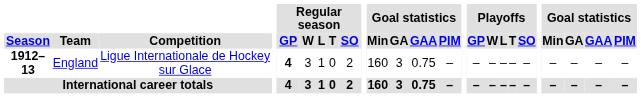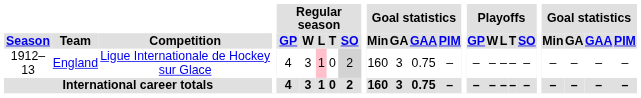 <table BORDER="0" CELLPADDING="1" CELLSPACING="0" width="65%" style="text-align:center">
 <tr bgcolor="#e0e0e0">
 <th colspan="3" bgcolor="#ffffff"> </th>
 <th rowspan="99" bgcolor="#ffffff"> </th>
 <th colspan="5">Regular season</th>
 <th rowspan="99" bgcolor="#ffffff"> </th>
 <th colspan="4">Goal statistics</th>
 <th rowspan="99" bgcolor="#ffffff"> </th>
 <th colspan="5">Playoffs</th>
 <th rowspan="99" bgcolor="#ffffff"> </th>
 <th colspan="4">Goal statistics</th>
 </tr>
 <tr bgcolor="#e0e0e0">
 <th><a href='#'>Season</a></th>
 <th>Team</th>
 <th>Competition</th>
 <th><a href='#'>GP</a></th>
 <th>W</th>
 <th>L</th>
 <th>T</th>
 <th><a href='#'>SO</a></th>
 <th>Min</th>
 <th>GA</th>
 <th><a href='#'>GAA</a></th>
 <th><a href='#'>PIM</a></th>
 <th><a href='#'>GP</a></th>
 <th>W</th>
 <th>L</th>
 <th>T</th>
 <th><a href='#'>SO</a></th>
 <th>Min</th>
 <th>GA</th>
 <th><a href='#'>GAA</a></th>
 <th><a href='#'>PIM</a></th>
 </tr>
 <tr ALIGN="center">
-<td><strong>1912–13</strong></td>
+<td>1912–13</td>
 <td><a href='#'>England</a></td>
 <td><a href='#'>Ligue Internationale de Hockey sur Glace</a></td>
-<td><strong>4</strong></td>
+<td>4</td>
 <td>3</td>
-<td>1</td>
+<td style="background: pink;">1</td>
 <td>0</td>
-<td>2</td>
+<td style="background: lightgrey;">2</td>
 <td>160</td>
 <td>3</td>
 <td>0.75</td>
 <td>–</td>
 <td>–</td>
 <td>–</td>
 <td>–</td>
 <td>–</td>
 <td>–</td>
 <td>–</td>
 <td>–</td>
 <td>–</td>
 <td>–</td>
 </tr>
 <tr ALIGN="center" bgcolor="#e0e0e0">
 <th colspan="3" align="center">International career totals</th>
 <th>4</th>
 <th>3</th>
 <th>1</th>
 <th>0</th>
 <th>2</th>
 <th>160</th>
 <th>3</th>
 <th>0.75</th>
 <th>–</th>
 <th>–</th>
 <th>–</th>
 <th>–</th>
 <th>–</th>
 <th>–</th>
 <th>–</th>
 <th>–</th>
 <th>–</th>
 <th>–</th>
 </tr>
 </table>
